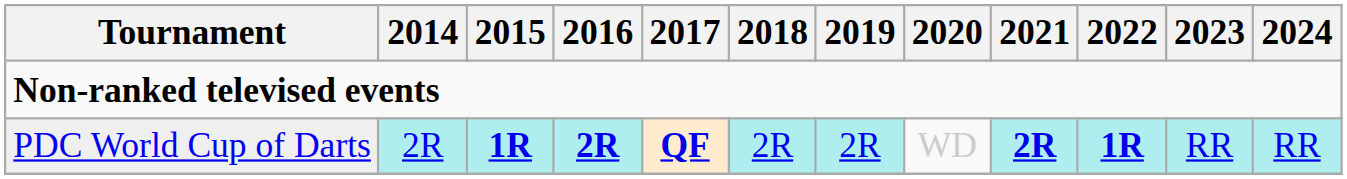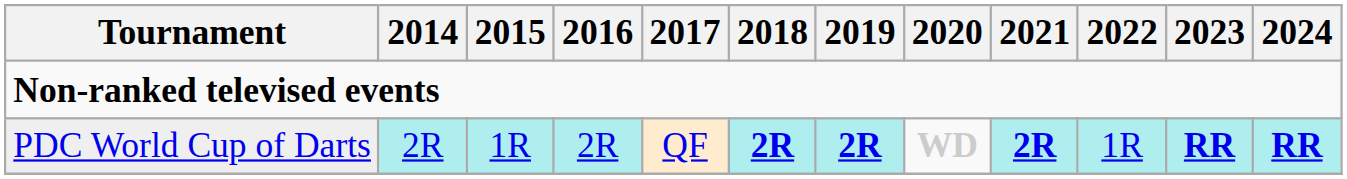 <table class="wikitable">
 <tr>
 <th>Tournament</th>
 <th>2014</th>
 <th>2015</th>
 <th>2016</th>
 <th>2017</th>
 <th>2018</th>
 <th>2019</th>
 <th>2020</th>
 <th>2021</th>
 <th>2022</th>
 <th>2023</th>
 <th>2024</th>
 </tr>
 <tr>
 <td colspan="21" align="left"><strong>Non-ranked televised events</strong></td>
 </tr>
 <tr>
 <td style="background:#efefef;"><a href='#'>PDC World Cup of Darts</a></td>
 <td style="text-align:center; background:#afeeee;"><a href='#'>2R</a></td>
-<td style="text-align:center; background:#afeeee;"><strong><a href='#'>1R</a></strong></td>
+<td style="text-align:center; background:#afeeee;"><a href='#'>1R</a></td>
+<td style="text-align:center; background:#afeeee;"><a href='#'>2R</a></td>
+<td style="text-align:center; background:#ffebcd;"><a href='#'>QF</a></td>
 <td style="text-align:center; background:#afeeee;"><strong><a href='#'>2R</a></strong></td>
-<td style="text-align:center; background:#ffebcd;"><strong><a href='#'>QF</a></strong></td>
-<td style="text-align:center; background:#afeeee;"><a href='#'>2R</a></td>
-<td style="text-align:center; background:#afeeee;"><a href='#'>2R</a></td>
-<td style="text-align:center; color:#ccc;">WD</td>
 <td style="text-align:center; background:#afeeee;"><strong><a href='#'>2R</a></strong></td>
-<td style="text-align:center; background:#afeeee;"><strong><a href='#'>1R</a></strong></td>
-<td style="text-align:center; background:#afeeee;"><a href='#'>RR</a></td>
-<td style="text-align:center; background:#afeeee;"><a href='#'>RR</a></td>
+<td style="text-align:center; color:#ccc;"><strong>WD</strong></td>
+<td style="text-align:center; background:#afeeee;"><strong><a href='#'>2R</a></strong></td>
+<td style="text-align:center; background:#afeeee;"><a href='#'>1R</a></td>
+<td style="text-align:center; background:#afeeee;"><strong><a href='#'>RR</a></strong></td>
+<td style="text-align:center; background:#afeeee;"><strong><a href='#'>RR</a></strong></td>
 </tr>
 <tr>
 </tr>
 </table>
